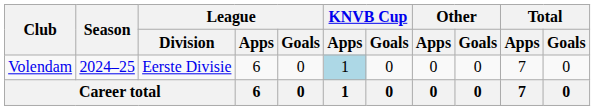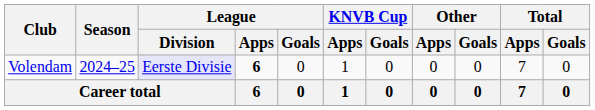 <table class="wikitable" style="text-align:center">
 <tr>
 <th rowspan="2">Club</th>
 <th rowspan="2">Season</th>
 <th colspan="3">League</th>
 <th colspan="2"><a href='#'>KNVB Cup</a></th>
 <th colspan="2">Other</th>
 <th colspan="2">Total</th>
 </tr>
 <tr>
 <th>Division</th>
 <th>Apps</th>
 <th>Goals</th>
 <th>Apps</th>
 <th>Goals</th>
 <th>Apps</th>
 <th>Goals</th>
 <th>Apps</th>
 <th>Goals</th>
 </tr>
 <tr>
 <td><a href='#'>Volendam</a></td>
 <td><a href='#'>2024–25</a></td>
-<td><a href='#'>Eerste Divisie</a></td>
-<td>6</td>
+<td style="background: lavender;"><a href='#'>Eerste Divisie</a></td>
+<td><strong>6</strong></td>
 <td>0</td>
-<td style="background: lightblue;">1</td>
+<td>1</td>
 <td>0</td>
 <td>0</td>
 <td>0</td>
 <td>7</td>
 <td>0</td>
 </tr>
 <tr>
 <th colspan="3">Career total</th>
 <th>6</th>
 <th>0</th>
 <th>1</th>
 <th>0</th>
 <th>0</th>
 <th>0</th>
 <th>7</th>
 <th>0</th>
 </tr>
 </table>
